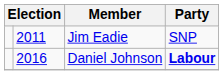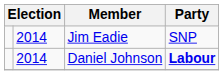 <table class="wikitable">
 <tr>
 <th colspan="2">Election</th>
 <th>Member</th>
 <th>Party</th>
 </tr>
 <tr>
 <td style="background-color: "></td>
-<td><a href='#'>2011</a></td>
+<td><a href='#'>2014</a></td>
 <td><a href='#'>Jim Eadie</a></td>
 <td><a href='#'>SNP</a></td>
 </tr>
 <tr>
 <td style="background-color: "></td>
-<td><a href='#'>2016</a></td>
+<td><a href='#'>2014</a></td>
 <td><a href='#'>Daniel Johnson</a></td>
 <td><strong><a href='#'>Labour</a></strong></td>
 </tr>
 <tr>
 </tr>
 </table>
